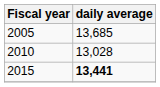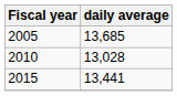 <table class="wikitable">
 <tr>
 <th>Fiscal year</th>
 <th>daily average</th>
 </tr>
 <tr>
 <td>2005</td>
 <td>13,685</td>
 </tr>
 <tr>
 <td>2010</td>
 <td>13,028</td>
 </tr>
 <tr>
 <td>2015</td>
-<td><strong>13,441</strong></td>
+<td>13,441</td>
 </tr>
 <tr>
 </tr>
 </table>
